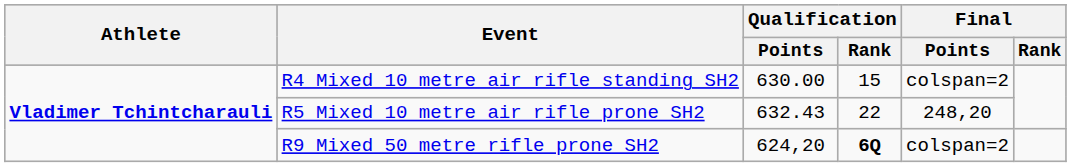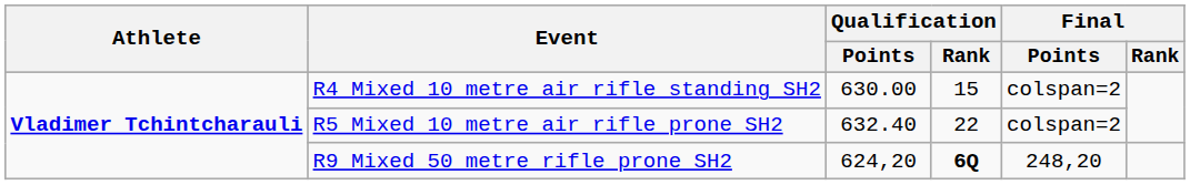 <table class="wikitable" style="font-size:90%">
 <tr>
 <th rowspan="2">Athlete</th>
 <th rowspan="2">Event</th>
 <th colspan="2">Qualification</th>
 <th colspan="2">Final</th>
 </tr>
 <tr style="font-size:95%">
 <th>Points</th>
 <th>Rank</th>
 <th>Points</th>
 <th>Rank</th>
 </tr>
 <tr align=center>
 <td align=left rowspan=3><strong><a href='#'>Vladimer Tchintcharauli</a></strong></td>
 <td align=left><a href='#'>R4 Mixed 10 metre air rifle standing SH2</a></td>
 <td>630.00</td>
 <td>15</td>
 <td>colspan=2 </td>
 </tr>
 <tr align=center>
 <td align=left><a href='#'>R5 Mixed 10 metre air rifle prone SH2</a></td>
-<td>632.43</td>
+<td>632.40</td>
 <td>22</td>
-<td>248,20</td>
+<td>colspan=2 </td>
 </tr>
 <tr align=center>
 <td align=left><a href='#'>R9 Mixed 50 metre rifle prone SH2</a></td>
 <td>624,20</td>
 <td><strong>6Q</strong></td>
-<td>colspan=2 </td>
+<td>248,20</td>
 <td></td>
 </tr>
 </table>
